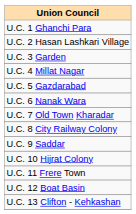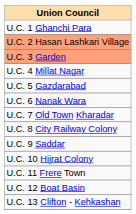 <table class="sortable wikitable" align="left" style="font-size:90%">
 <tr>
 <th style="background:#ffdead;"><strong>Union Council</strong></th>
 </tr>
 <tr>
 <td style="border-bottom:1px solid grey;">U.C. 1 <a href='#'>Ghanchi Para</a></td>
 </tr>
 <tr>
-<td style="border-bottom:1px solid grey;">U.C. 2 Hasan Lashkari Village</td>
+<td style="background: lightsalmon; border-bottom:1px solid grey;">U.C. 2 Hasan Lashkari Village</td>
 </tr>
 <tr>
-<td style="border-bottom:1px solid grey;">U.C. 3 <a href='#'>Garden</a></td>
+<td style="background: lightsalmon; border-bottom:1px solid grey;">U.C. 3 <a href='#'>Garden</a></td>
 </tr>
 <tr>
 <td style="border-bottom:1px solid grey;">U.C. 4 <a href='#'>Millat Nagar</a></td>
 </tr>
 <tr>
 <td style="border-bottom:1px solid grey;">U.C. 5 <a href='#'>Gazdarabad</a></td>
 </tr>
 <tr>
 <td style="border-bottom:1px solid grey;">U.C. 6 <a href='#'>Nanak Wara</a></td>
 </tr>
 <tr>
 <td style="border-bottom:1px solid grey;">U.C. 7 <a href='#'>Old Town</a> <a href='#'>Kharadar</a></td>
 </tr>
 <tr>
 <td style="border-bottom:1px solid grey;">U.C. 8 <a href='#'>City Railway Colony</a></td>
 </tr>
 <tr>
 <td style="border-bottom:1px solid grey;">U.C. 9 <a href='#'>Saddar</a></td>
 </tr>
 <tr>
 <td style="border-bottom:1px solid grey;">U.C. 10 <a href='#'>Hijrat Colony</a></td>
 </tr>
 <tr>
 <td style="border-bottom:1px solid grey;">U.C. 11 <a href='#'>Frere</a> Town</td>
 </tr>
 <tr>
 <td style="border-bottom:1px solid grey;">U.C. 12 <a href='#'>Boat Basin</a></td>
 </tr>
 <tr>
 <td style="border-bottom:1px solid grey;">U.C. 13 <a href='#'>Clifton</a> - <a href='#'>Kehkashan</a></td>
 </tr>
 <tr>
 </tr>
 </table>
